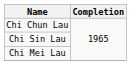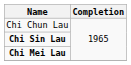 <table class="wikitable" style="text-align: center">
 <tr>
 <th>Name</th>
 <th>Completion</th>
 </tr>
 <tr>
 <td>Chi Chun Lau</td>
 <td rowspan="3">1965</td>
 </tr>
 <tr>
-<td>Chi Sin Lau</td>
+<td><strong>Chi Sin Lau</strong></td>
 </tr>
 <tr>
-<td>Chi Mei Lau</td>
+<td><strong>Chi Mei Lau</strong></td>
 </tr>
 <tr>
 </tr>
 </table>
